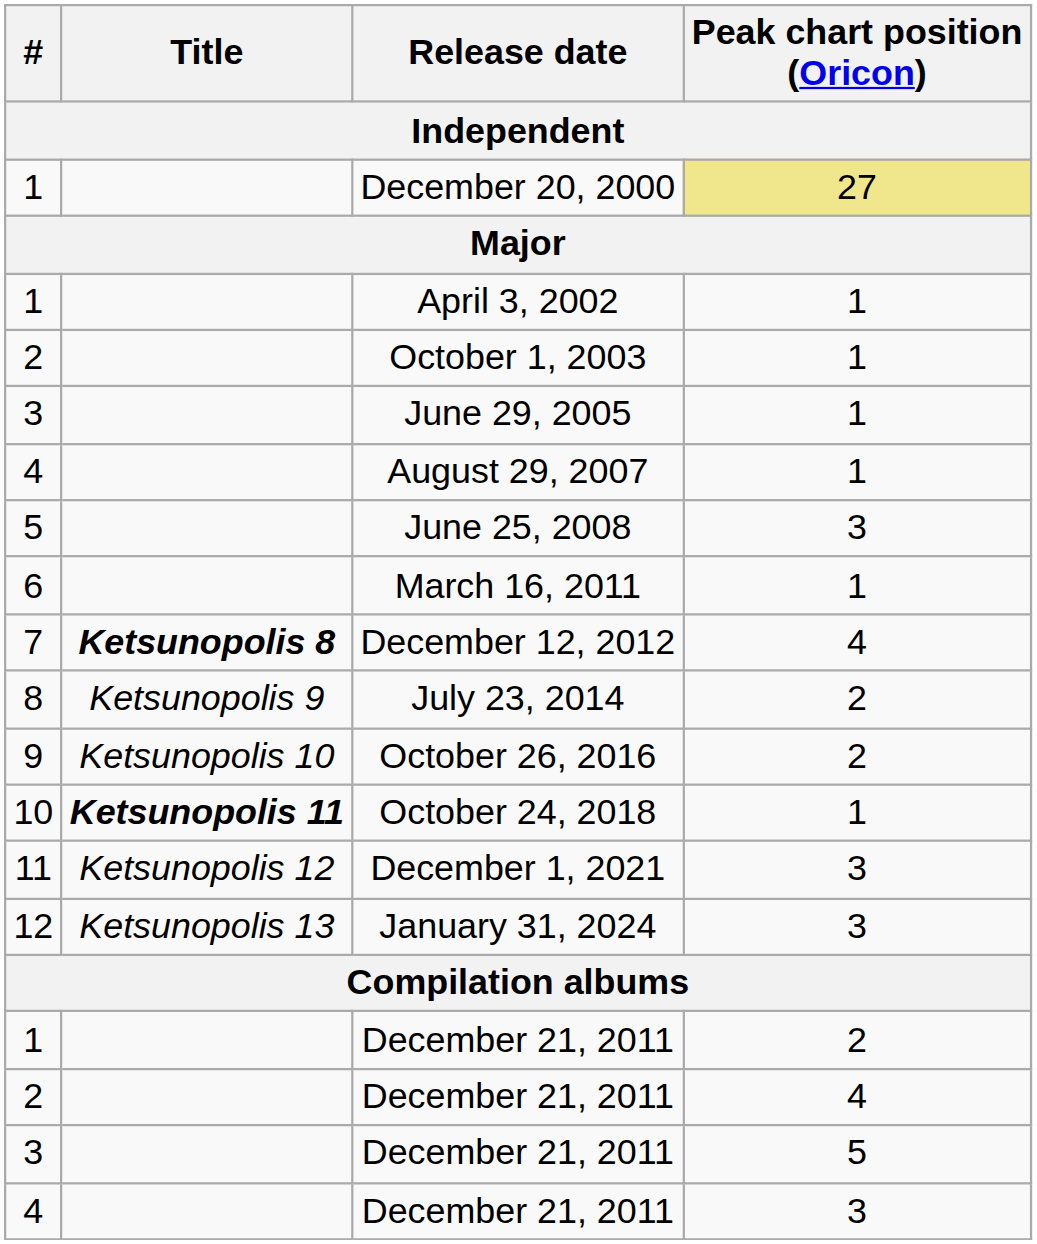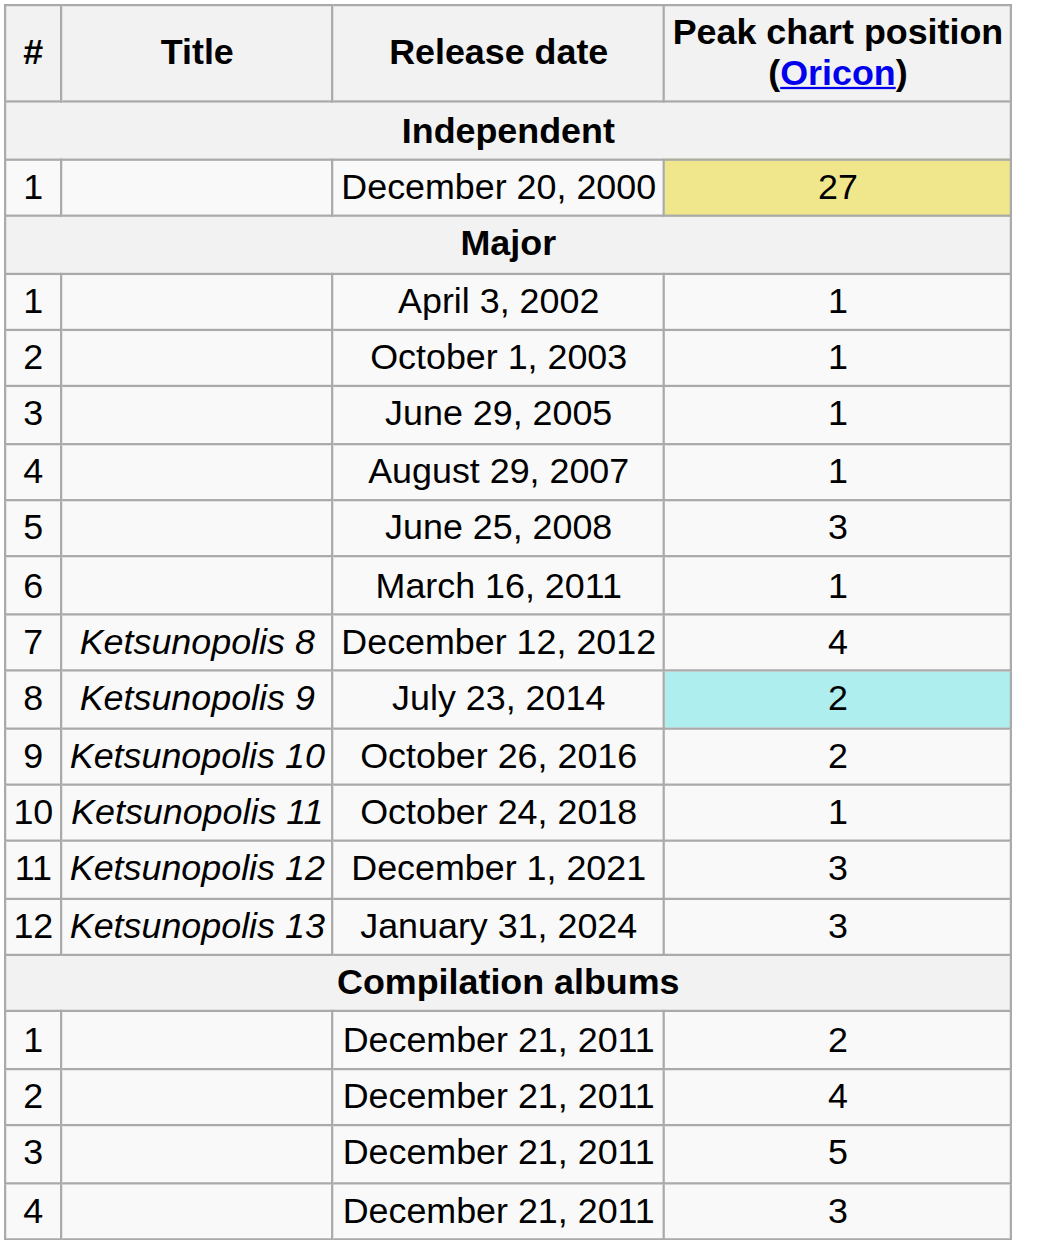 <table class="wikitable" style="text-align:center" cellpadding="2">
 <tr>
 <th>#</th>
 <th>Title</th>
 <th>Release date</th>
 <th>Peak chart position<br>(<a href='#'>Oricon</a>)<br></th>
 </tr>
 <tr>
 <th colspan="4">Independent</th>
 </tr>
 <tr>
 <td>1</td>
 <td></td>
 <td>December 20, 2000</td>
 <td style="background: khaki;">27</td>
 </tr>
 <tr>
 <th colspan="4">Major</th>
 </tr>
 <tr>
 <td>1</td>
 <td></td>
 <td>April 3, 2002</td>
 <td>1</td>
 </tr>
 <tr>
 <td>2</td>
 <td></td>
 <td>October 1, 2003</td>
 <td>1</td>
 </tr>
 <tr>
 <td>3</td>
 <td></td>
 <td>June 29, 2005</td>
 <td>1</td>
 </tr>
 <tr>
 <td>4</td>
 <td></td>
 <td>August 29, 2007</td>
 <td>1</td>
 </tr>
 <tr>
 <td>5</td>
 <td></td>
 <td>June 25, 2008</td>
 <td>3</td>
 </tr>
 <tr>
 <td>6</td>
 <td></td>
 <td>March 16, 2011</td>
 <td>1</td>
 </tr>
 <tr>
 <td>7</td>
-<td><strong><em>Ketsunopolis 8</em></strong></td>
+<td><em>Ketsunopolis 8</em></td>
 <td>December 12, 2012</td>
 <td>4</td>
 </tr>
 <tr>
 <td>8</td>
 <td><em>Ketsunopolis 9</em></td>
 <td>July 23, 2014</td>
-<td>2</td>
+<td style="background: paleturquoise;">2</td>
 </tr>
 <tr>
 <td>9</td>
 <td><em>Ketsunopolis 10</em></td>
 <td>October 26, 2016</td>
 <td>2</td>
 </tr>
 <tr>
 <td>10</td>
-<td><strong><em>Ketsunopolis 11</em></strong></td>
+<td><em>Ketsunopolis 11</em></td>
 <td>October 24, 2018</td>
 <td>1</td>
 </tr>
 <tr>
 <td>11</td>
 <td><em>Ketsunopolis 12</em></td>
 <td>December 1, 2021</td>
 <td>3</td>
 </tr>
 <tr>
 <td>12</td>
 <td><em>Ketsunopolis 13</em></td>
 <td>January 31, 2024</td>
 <td>3</td>
 </tr>
 <tr>
 <th colspan="4">Compilation albums</th>
 </tr>
 <tr>
 <td>1</td>
 <td></td>
 <td>December 21, 2011</td>
 <td>2</td>
 </tr>
 <tr>
 <td>2</td>
 <td></td>
 <td>December 21, 2011</td>
 <td>4</td>
 </tr>
 <tr>
 <td>3</td>
 <td></td>
 <td>December 21, 2011</td>
 <td>5</td>
 </tr>
 <tr>
 <td>4</td>
 <td></td>
 <td>December 21, 2011</td>
 <td>3</td>
 </tr>
 </table>
